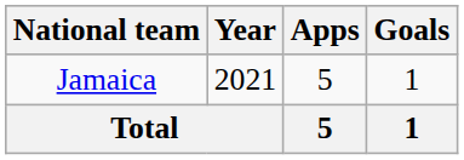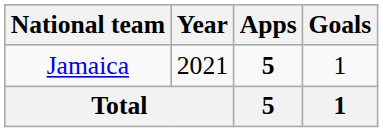 <table class="wikitable" style="text-align:center">
 <tr>
 <th>National team</th>
 <th>Year</th>
 <th>Apps</th>
 <th>Goals</th>
 </tr>
 <tr>
 <td rowspan="1"><a href='#'>Jamaica</a></td>
 <td>2021</td>
-<td>5</td>
+<td><strong>5</strong></td>
 <td>1</td>
 </tr>
 <tr>
 <th colspan="2">Total</th>
 <th>5</th>
 <th>1</th>
 </tr>
 </table>
